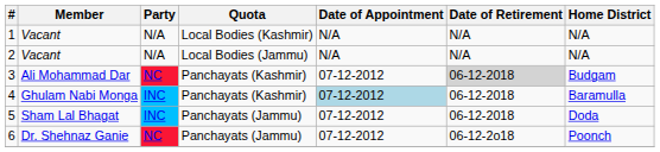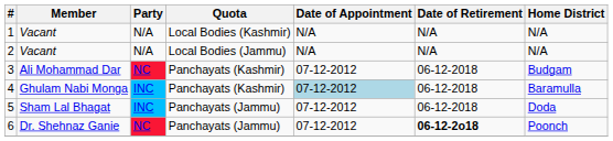 <table class="wikitable sortable">
 <tr>
 <th>#</th>
 <th>Member</th>
 <th>Party</th>
 <th>Quota</th>
 <th>Date of Appointment</th>
 <th>Date of Retirement</th>
 <th>Home District</th>
 </tr>
 <tr>
 <td>1</td>
 <td><em>Vacant</em></td>
 <td>N/A</td>
 <td>Local Bodies (Kashmir)</td>
 <td>N/A</td>
 <td>N/A</td>
 <td>N/A</td>
 </tr>
 <tr>
 <td>2</td>
 <td><em>Vacant</em></td>
 <td>N/A</td>
 <td>Local Bodies (Jammu)</td>
 <td>N/A</td>
 <td>N/A</td>
 <td>N/A</td>
 </tr>
 <tr>
 <td>3</td>
 <td><a href='#'>Ali Mohammad Dar</a></td>
 <td bgcolor=#FA1635><a href='#'>NC</a></td>
 <td>Panchayats (Kashmir)</td>
 <td>07-12-2012</td>
-<td style="background: lightgrey;">06-12-2018</td>
+<td>06-12-2018</td>
 <td><a href='#'>Budgam</a></td>
 </tr>
 <tr>
 <td>4</td>
 <td><a href='#'>Ghulam Nabi Monga</a></td>
 <td bgcolor=#00BFFF><a href='#'>INC</a></td>
 <td>Panchayats (Kashmir)</td>
 <td style="background: lightblue;">07-12-2012</td>
 <td>06-12-2018</td>
 <td><a href='#'>Baramulla</a></td>
 </tr>
 <tr>
 <td>5</td>
 <td><a href='#'>Sham Lal Bhagat </a></td>
 <td bgcolor=#00BFFF><a href='#'>INC</a></td>
 <td>Panchayats (Jammu)</td>
 <td>07-12-2012</td>
 <td>06-12-2018</td>
 <td><a href='#'>Doda</a></td>
 </tr>
 <tr>
 <td>6</td>
 <td><a href='#'>Dr. Shehnaz Ganie</a></td>
 <td bgcolor=#FA1635><a href='#'>NC</a></td>
 <td>Panchayats (Jammu)</td>
 <td>07-12-2012</td>
-<td>06-12-2o18</td>
+<td><strong>06-12-2o18</strong></td>
 <td><a href='#'>Poonch</a></td>
 </tr>
 <tr>
 </tr>
 </table>
